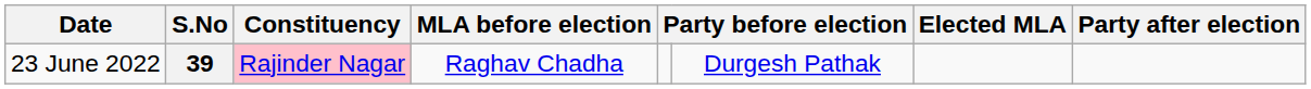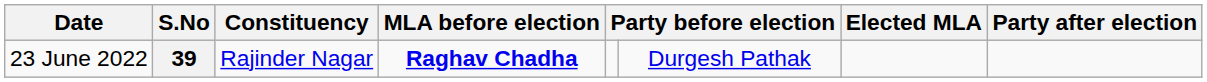 <table class="wikitable sortable" style="text-align:center;">
 <tr>
 <th>Date</th>
 <th>S.No</th>
 <th>Constituency</th>
 <th>MLA before election</th>
 <th colspan="2">Party before election</th>
 <th>Elected MLA</th>
 <th colspan="2">Party after election</th>
 </tr>
 <tr>
 <td>23 June 2022</td>
 <th>39</th>
-<td style="background: pink;"><a href='#'>Rajinder Nagar</a></td>
-<td><a href='#'>Raghav Chadha</a></td>
+<td><a href='#'>Rajinder Nagar</a></td>
+<td><strong><a href='#'>Raghav Chadha</a></strong></td>
 <td></td>
 <td><a href='#'>Durgesh Pathak</a></td>
 <td></td>
 </tr>
 </table>
